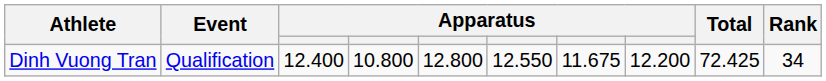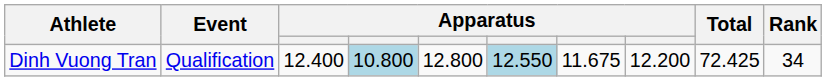 <table class="wikitable" style="font-size:90%">
 <tr>
 <th rowspan=2>Athlete</th>
 <th rowspan=2>Event</th>
 <th colspan =6>Apparatus</th>
 <th rowspan=2>Total</th>
 <th rowspan=2>Rank</th>
 </tr>
 <tr style="font-size:95%">
 <th></th>
 <th></th>
 <th></th>
 <th></th>
 <th></th>
 <th></th>
 </tr>
 <tr align=center>
 <td align=left><a href='#'>Dinh Vuong Tran</a></td>
 <td align=left><a href='#'>Qualification</a></td>
 <td>12.400</td>
-<td>10.800</td>
+<td style="background: lightblue;">10.800</td>
 <td>12.800</td>
-<td>12.550</td>
+<td style="background: lightblue;">12.550</td>
 <td>11.675</td>
 <td>12.200</td>
 <td>72.425</td>
 <td>34</td>
 </tr>
 </table>
